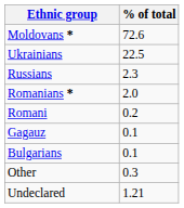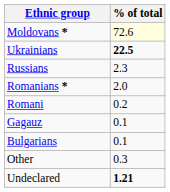 <table class="wikitable sortable">
 <tr>
 <th style="width:140px;"><a href='#'>Ethnic group</a></th>
 <th>% of total</th>
 </tr>
 <tr>
 <td><a href='#'>Moldovans</a> <strong>*</strong></td>
-<td>72.6</td>
+<td style="background: lightyellow;">72.6</td>
 </tr>
 <tr>
 <td><a href='#'>Ukrainians</a></td>
-<td>22.5</td>
+<td><strong>22.5</strong></td>
 </tr>
 <tr>
 <td><a href='#'>Russians</a></td>
 <td>2.3</td>
 </tr>
 <tr>
 <td><a href='#'>Romanians</a> <strong>*</strong></td>
 <td>2.0</td>
 </tr>
 <tr>
 <td><a href='#'>Romani</a></td>
 <td>0.2</td>
 </tr>
 <tr>
 <td><a href='#'>Gagauz</a></td>
 <td>0.1</td>
 </tr>
 <tr>
 <td><a href='#'>Bulgarians</a></td>
 <td>0.1</td>
 </tr>
 <tr>
 <td>Other</td>
 <td>0.3</td>
 </tr>
 <tr>
 <td>Undeclared</td>
-<td>1.21</td>
+<td><strong>1.21</strong></td>
 </tr>
 </table>
